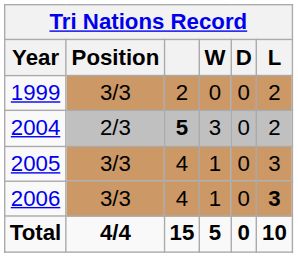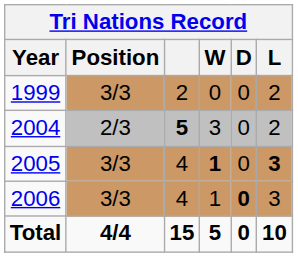 <table class="wikitable" style="text-align: center;">
 <tr>
 <th colspan="6"><a href='#'>Tri Nations Record</a></th>
 </tr>
 <tr>
 <th>Year</th>
 <th>Position</th>
 <th></th>
 <th>W</th>
 <th>D</th>
 <th>L</th>
 </tr>
 <tr>
 <td>  <a href='#'>1999</a></td>
 <td style="background:#c96;">3/3</td>
 <td style="background:#c96;">2</td>
 <td style="background:#c96;">0</td>
 <td style="background:#c96;">0</td>
 <td style="background:#c96;">2</td>
 </tr>
 <tr>
 <td> <a href='#'>2004</a></td>
 <td style="background:silver">2/3</td>
 <td style="background:silver"><strong>5</strong></td>
 <td style="background:silver">3</td>
 <td style="background:silver">0</td>
 <td style="background:silver">2</td>
 </tr>
 <tr>
 <td> <a href='#'>2005</a></td>
 <td style="background:#c96;">3/3</td>
 <td style="background:#c96;">4</td>
-<td style="background:#c96;">1</td>
+<td style="background:#c96;"><strong>1</strong></td>
 <td style="background:#c96;">0</td>
-<td style="background:#c96;">3</td>
+<td style="background:#c96;"><strong>3</strong></td>
 </tr>
 <tr>
 <td>  <a href='#'>2006</a></td>
 <td style="background:#c96;">3/3</td>
 <td style="background:#c96;">4</td>
 <td style="background:#c96;">1</td>
-<td style="background:#c96;">0</td>
-<td style="background:#c96;"><strong>3</strong></td>
+<td style="background:#c96;"><strong>0</strong></td>
+<td style="background:#c96;">3</td>
 </tr>
 <tr>
 <td><strong>Total</strong></td>
 <td><strong>4/4</strong></td>
 <td><strong>15</strong></td>
 <td><strong>5</strong></td>
 <td><strong>0</strong></td>
 <td><strong>10</strong></td>
 </tr>
 </table>
